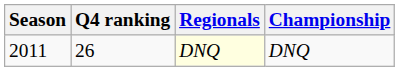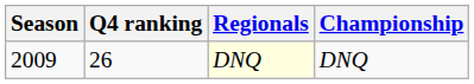 <table class="wikitable sortable">
 <tr>
 <th>Season</th>
 <th>Q4 ranking</th>
 <th><a href='#'>Regionals</a></th>
 <th><a href='#'>Championship</a></th>
 </tr>
 <tr>
-<td>2011</td>
+<td>2009</td>
 <td>26</td>
 <td style="background: lightyellow;"><em>DNQ</em></td>
 <td><em>DNQ</em></td>
 </tr>
 </table>
